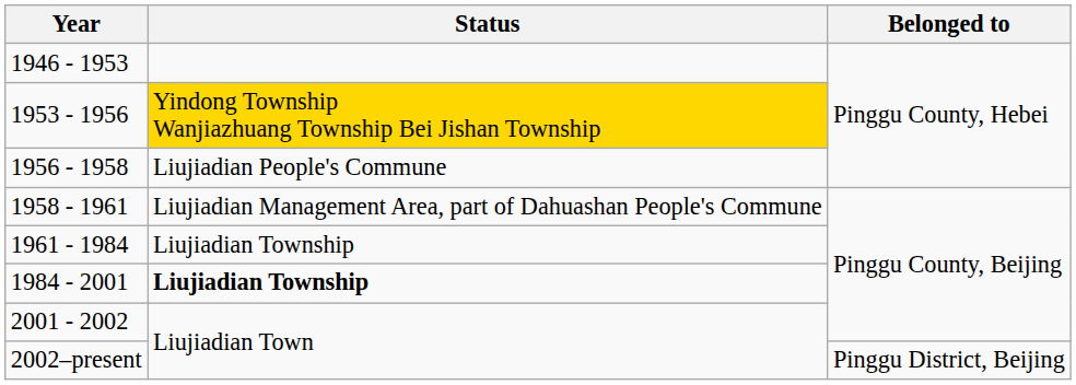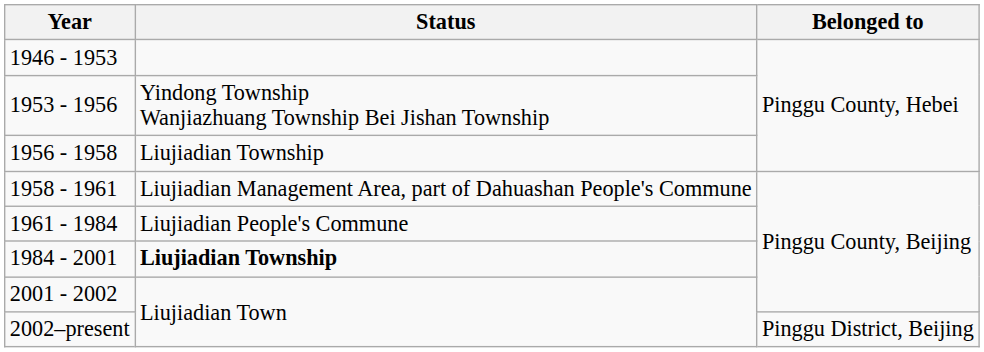 <table class="wikitable">
 <tr>
 <th>Year</th>
 <th>Status</th>
 <th>Belonged to</th>
 </tr>
 <tr>
 <td>1946 - 1953</td>
 <td></td>
 <td rowspan="3">Pinggu County, Hebei</td>
 </tr>
 <tr>
 <td>1953 - 1956</td>
-<td style="background: gold;">Yindong Township<br>Wanjiazhuang Township Bei Jishan Township</td>
+<td>Yindong Township<br>Wanjiazhuang Township Bei Jishan Township</td>
 </tr>
 <tr>
 <td>1956 - 1958</td>
-<td>Liujiadian People's Commune</td>
+<td>Liujiadian Township</td>
 </tr>
 <tr>
 <td>1958 - 1961</td>
 <td>Liujiadian Management Area, part of Dahuashan People's Commune</td>
 <td rowspan="4">Pinggu County, Beijing</td>
 </tr>
 <tr>
 <td>1961 - 1984</td>
-<td>Liujiadian Township</td>
+<td>Liujiadian People's Commune</td>
 </tr>
 <tr>
 <td>1984 - 2001</td>
 <td><strong>Liujiadian Township</strong></td>
 </tr>
 <tr>
 <td>2001 - 2002</td>
 <td rowspan="2">Liujiadian Town</td>
 </tr>
 <tr>
 <td>2002–present</td>
 <td>Pinggu District, Beijing</td>
 </tr>
 </table>
